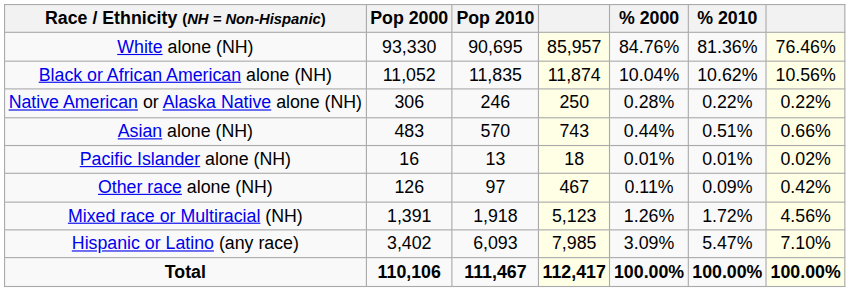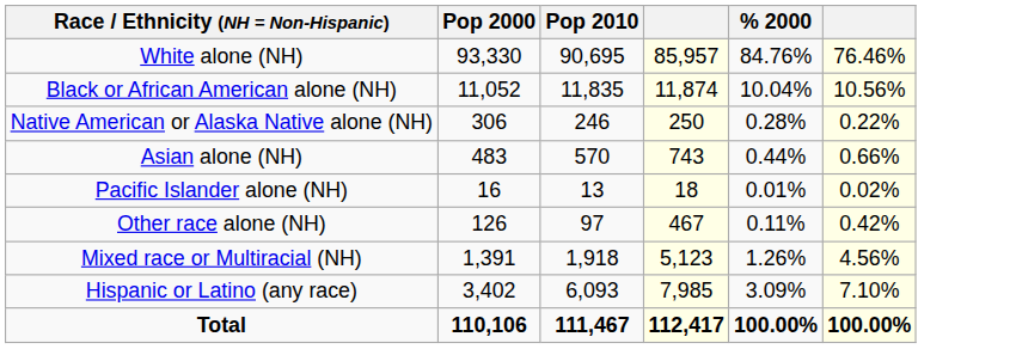 <table class="wikitable" style="text-align:center;">
 <tr>
 <th>Race / Ethnicity <small>(<em>NH = Non-Hispanic</em>)</small></th>
 <th>Pop 2000</th>
 <th>Pop 2010</th>
 <th></th>
 <th>% 2000</th>
-<th>% 2010</th>
 <th></th>
 </tr>
 <tr>
 <td><a href='#'>White</a> alone (NH)</td>
 <td>93,330</td>
 <td>90,695</td>
 <td style='background: #ffffe6;'>85,957</td>
 <td>84.76%</td>
-<td>81.36%</td>
 <td style='background: #ffffe6;'>76.46%</td>
 </tr>
 <tr>
 <td><a href='#'>Black or African American</a> alone (NH)</td>
 <td>11,052</td>
 <td>11,835</td>
 <td style='background: #ffffe6;'>11,874</td>
 <td>10.04%</td>
-<td>10.62%</td>
 <td style='background: #ffffe6;'>10.56%</td>
 </tr>
 <tr>
 <td><a href='#'>Native American</a> or <a href='#'>Alaska Native</a> alone (NH)</td>
 <td>306</td>
 <td>246</td>
 <td style='background: #ffffe6;'>250</td>
 <td>0.28%</td>
-<td>0.22%</td>
 <td style='background: #ffffe6;'>0.22%</td>
 </tr>
 <tr>
 <td><a href='#'>Asian</a> alone (NH)</td>
 <td>483</td>
 <td>570</td>
 <td style='background: #ffffe6;'>743</td>
 <td>0.44%</td>
-<td>0.51%</td>
 <td style='background: #ffffe6;'>0.66%</td>
 </tr>
 <tr>
 <td><a href='#'>Pacific Islander</a> alone (NH)</td>
 <td>16</td>
 <td>13</td>
 <td style='background: #ffffe6;'>18</td>
-<td>0.01%</td>
 <td>0.01%</td>
 <td style='background: #ffffe6;'>0.02%</td>
 </tr>
 <tr>
 <td><a href='#'>Other race</a> alone (NH)</td>
 <td>126</td>
 <td>97</td>
 <td style='background: #ffffe6;'>467</td>
 <td>0.11%</td>
-<td>0.09%</td>
 <td style='background: #ffffe6;'>0.42%</td>
 </tr>
 <tr>
 <td><a href='#'>Mixed race or Multiracial</a> (NH)</td>
 <td>1,391</td>
 <td>1,918</td>
 <td style='background: #ffffe6;'>5,123</td>
 <td>1.26%</td>
-<td>1.72%</td>
 <td style='background: #ffffe6;'>4.56%</td>
 </tr>
 <tr>
 <td><a href='#'>Hispanic or Latino</a> (any race)</td>
 <td>3,402</td>
 <td>6,093</td>
 <td style='background: #ffffe6;'>7,985</td>
 <td>3.09%</td>
-<td>5.47%</td>
 <td style='background: #ffffe6;'>7.10%</td>
 </tr>
 <tr>
 <td><strong>Total</strong></td>
 <td><strong>110,106</strong></td>
 <td><strong>111,467</strong></td>
 <td style='background: #ffffe6;'><strong>112,417</strong></td>
 <td><strong>100.00%</strong></td>
-<td><strong>100.00%</strong></td>
 <td style='background: #ffffe6;'><strong>100.00%</strong></td>
 </tr>
 </table>
